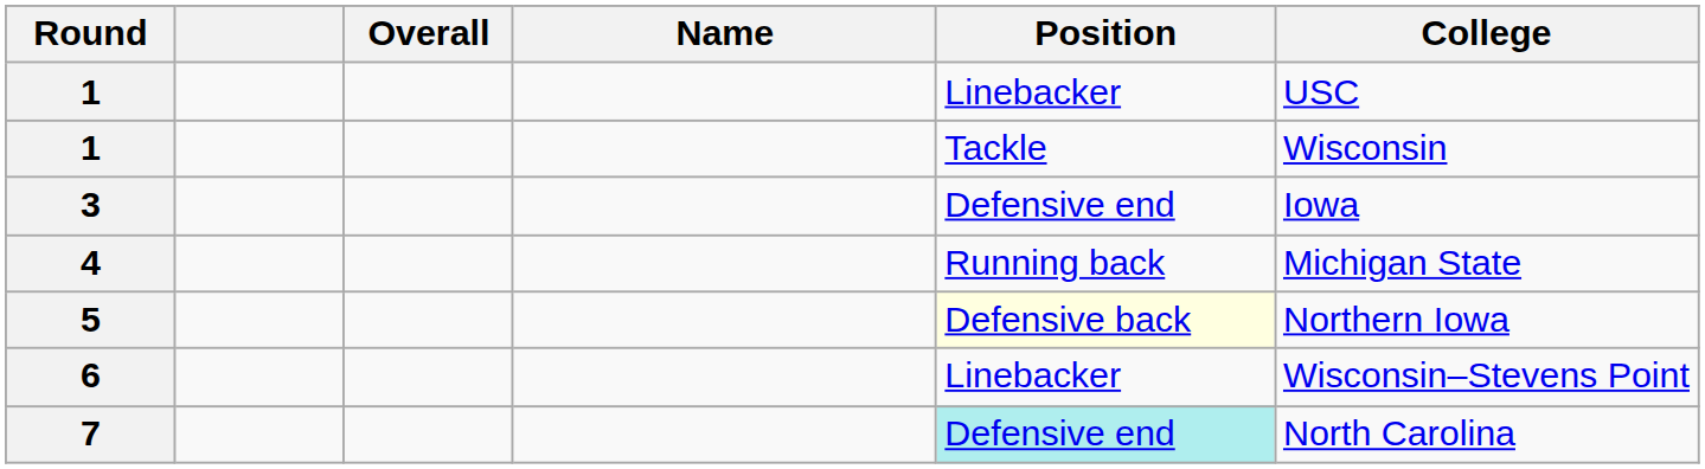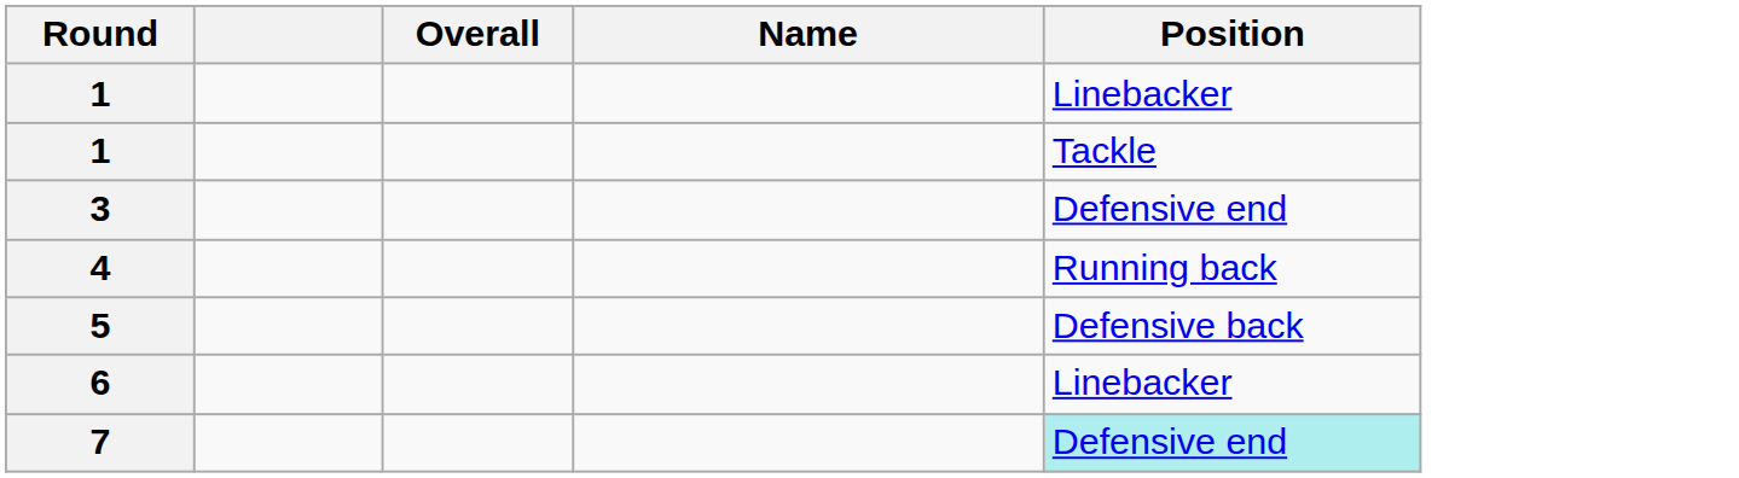 <table class="wikitable sortable">
 <tr>
 <th scope="col" style="width: 10%;">Round</th>
 <th scope="col" style="width: 10%;"></th>
 <th scope="col" style="width: 10%;">Overall</th>
 <th scope="col" style="width: 25%;">Name</th>
 <th scope="col" style="width: 20%;">Position</th>
-<th scope="col" style="width: 25%;">College</th>
 </tr>
 <tr>
 <th scope="row">1</th>
 <td></td>
 <td></td>
 <td></td>
 <td><a href='#'>Linebacker</a></td>
-<td><a href='#'>USC</a></td>
 </tr>
 <tr>
 <th scope="row">1</th>
 <td></td>
 <td></td>
 <td></td>
 <td><a href='#'>Tackle</a></td>
-<td><a href='#'>Wisconsin</a></td>
 </tr>
 <tr>
 <th scope="row">3</th>
 <td></td>
 <td></td>
 <td></td>
 <td><a href='#'>Defensive end</a></td>
-<td><a href='#'>Iowa</a></td>
 </tr>
 <tr>
 <th scope="row">4</th>
 <td></td>
 <td></td>
 <td></td>
 <td><a href='#'>Running back</a></td>
-<td><a href='#'>Michigan State</a></td>
 </tr>
 <tr>
 <th scope="row">5</th>
 <td></td>
 <td></td>
 <td></td>
-<td style="background: lightyellow;"><a href='#'>Defensive back</a></td>
-<td><a href='#'>Northern Iowa</a></td>
+<td><a href='#'>Defensive back</a></td>
 </tr>
 <tr>
 <th scope="row">6</th>
 <td></td>
 <td></td>
 <td></td>
 <td><a href='#'>Linebacker</a></td>
-<td><a href='#'>Wisconsin–Stevens Point</a></td>
 </tr>
 <tr>
 <th scope="row">7</th>
 <td></td>
 <td></td>
 <td></td>
 <td style="background: paleturquoise;"><a href='#'>Defensive end</a></td>
-<td><a href='#'>North Carolina</a></td>
 </tr>
 </table>
